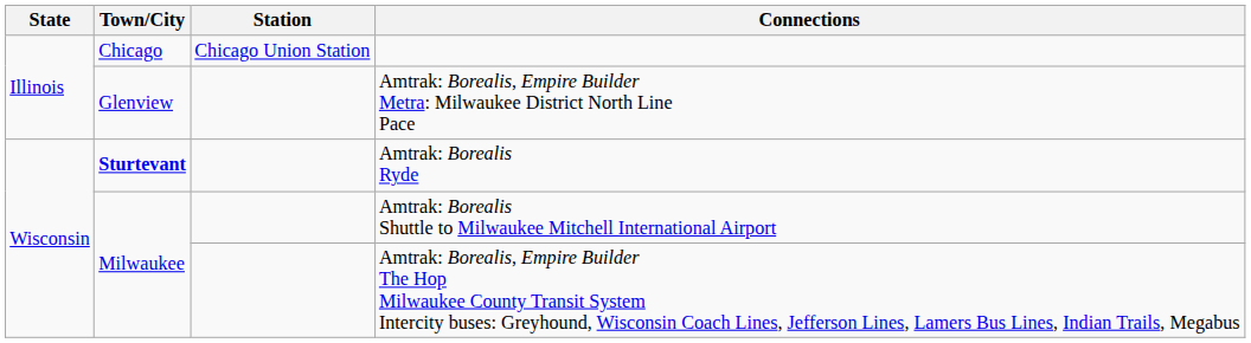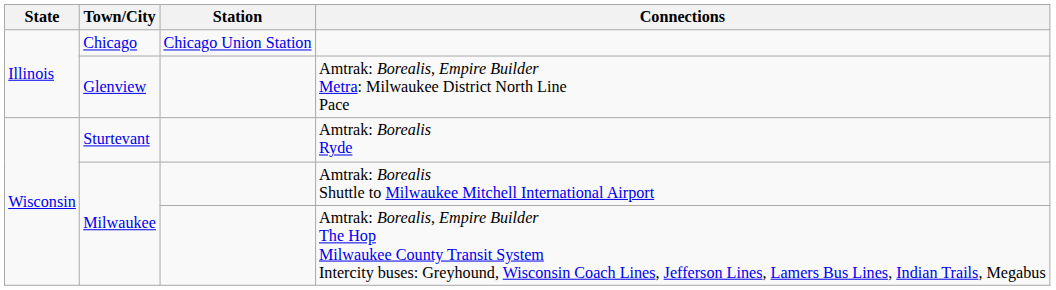 <table class="wikitable">
 <tr>
 <th>State</th>
 <th>Town/City</th>
 <th>Station</th>
 <th>Connections</th>
 </tr>
 <tr>
 <td rowspan=2><a href='#'>Illinois</a></td>
 <td><a href='#'>Chicago</a></td>
 <td><a href='#'>Chicago Union Station</a></td>
 <td></td>
 </tr>
 <tr>
 <td><a href='#'>Glenview</a></td>
 <td></td>
 <td> Amtrak: <em>Borealis</em>, <em>Empire Builder</em><br> <a href='#'>Metra</a>:  Milwaukee District North Line<br> Pace</td>
 </tr>
 <tr>
 <td rowspan=3><a href='#'>Wisconsin</a></td>
-<td><strong><a href='#'>Sturtevant</a></strong></td>
+<td><a href='#'>Sturtevant</a></td>
 <td></td>
 <td> Amtrak: <em>Borealis</em><br> <a href='#'>Ryde</a></td>
 </tr>
 <tr>
 <td rowspan=2><a href='#'>Milwaukee</a></td>
 <td></td>
 <td> Amtrak: <em>Borealis</em><br> Shuttle to <a href='#'>Milwaukee Mitchell International Airport</a></td>
 </tr>
 <tr>
 <td></td>
 <td> Amtrak: <em>Borealis</em>, <em>Empire Builder</em><br> <a href='#'>The Hop</a><br> <a href='#'>Milwaukee County Transit System</a><br> Intercity buses:  Greyhound, <a href='#'>Wisconsin Coach Lines</a>, <a href='#'>Jefferson Lines</a>, <a href='#'>Lamers Bus Lines</a>, <a href='#'>Indian Trails</a>,  Megabus</td>
 </tr>
 </table>
